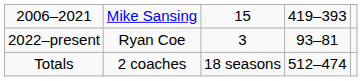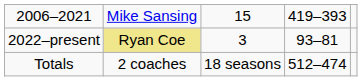 <table class="wikitable" style="text-align:center">
 <tr>
 <td>2006–2021</td>
 <td><a href='#'>Mike Sansing</a></td>
 <td>15</td>
 <td>419–393</td>
 <td></td>
 </tr>
 <tr>
 <td>2022–present</td>
-<td>Ryan Coe</td>
+<td style="background: khaki;">Ryan Coe</td>
 <td>3</td>
 <td>93–81</td>
 <td></td>
 </tr>
 <tr class="sortbottom">
 <td>Totals</td>
 <td>2 coaches</td>
 <td>18 seasons</td>
 <td>512–474</td>
 <td></td>
 </tr>
 </table>
